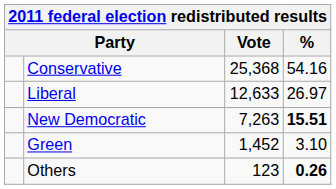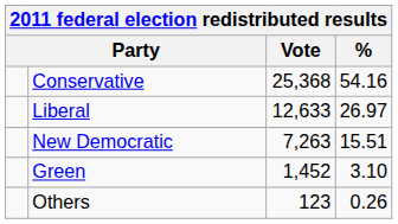 <table class="wikitable">
 <tr>
 <th colspan="4"><a href='#'>2011 federal election</a> redistributed results</th>
 </tr>
 <tr>
 <th bgcolor="#DDDDFF" width="130px" colspan="2">Party</th>
 <th bgcolor="#DDDDFF" width="50px">Vote</th>
 <th bgcolor="#DDDDFF" width="30px">%</th>
 </tr>
 <tr>
 <td> </td>
 <td><a href='#'>Conservative</a></td>
 <td align=right>25,368</td>
 <td align=right>54.16</td>
 </tr>
 <tr>
 <td> </td>
 <td><a href='#'>Liberal</a></td>
 <td align=right>12,633</td>
 <td align=right>26.97</td>
 </tr>
 <tr>
 <td> </td>
 <td><a href='#'>New Democratic</a></td>
 <td align=right>7,263</td>
-<td align=right><strong>15.51</strong></td>
+<td align=right>15.51</td>
 </tr>
 <tr>
 <td> </td>
 <td><a href='#'>Green</a></td>
 <td align=right>1,452</td>
 <td align=right>3.10</td>
 </tr>
 <tr>
 <td> </td>
 <td>Others</td>
 <td align=right>123</td>
-<td align=right><strong>0.26</strong></td>
+<td align=right>0.26</td>
 </tr>
 </table>
